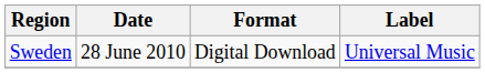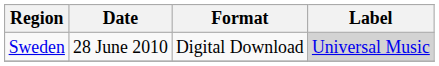 <table class=wikitable>
 <tr>
 <th>Region</th>
 <th>Date</th>
 <th>Format</th>
 <th>Label</th>
 </tr>
 <tr>
 <td><a href='#'>Sweden</a></td>
 <td>28 June 2010</td>
 <td>Digital Download</td>
-<td><a href='#'>Universal Music</a></td>
+<td style="background: lightgrey;"><a href='#'>Universal Music</a></td>
 </tr>
 <tr>
 </tr>
 </table>
